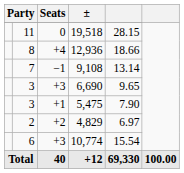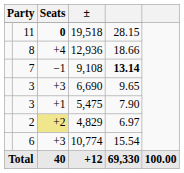 <table class=wikitable>
 <tr>
 <th colspan=2 align=center>Party</th>
 <th>Seats</th>
 <th>±</th>
 <th></th>
 <th></th>
 </tr>
 <tr>
 </tr>
 <tr>
 <td></td>
 <td align=right>11</td>
-<td align=right>0</td>
+<td align=right><strong>0</strong></td>
 <td align=right>19,518</td>
 <td align=right>28.15</td>
 </tr>
 <tr>
 <td></td>
 <td align=right>8</td>
 <td align=right>+4</td>
 <td align=right>12,936</td>
 <td align=right>18.66</td>
 </tr>
 <tr>
 <td></td>
 <td align=right>7</td>
 <td align=right>−1</td>
 <td align=right>9,108</td>
-<td align=right>13.14</td>
+<td align=right><strong>13.14</strong></td>
 </tr>
 <tr>
 <td></td>
 <td align=right>3</td>
 <td align=right>+3</td>
 <td align=right>6,690</td>
 <td align=right>9.65</td>
 </tr>
 <tr>
 <td></td>
 <td align=right>3</td>
 <td align=right>+1</td>
 <td align=right>5,475</td>
 <td align=right>7.90</td>
 </tr>
 <tr>
 <td></td>
 <td align=right>2</td>
-<td align=right>+2</td>
+<td align=right style="background: khaki;">+2</td>
 <td align=right>4,829</td>
 <td align=right>6.97</td>
 </tr>
 <tr>
 <td></td>
 <td align=right>6</td>
 <td align=right>+3</td>
 <td align=right>10,774</td>
 <td align=right>15.54</td>
 </tr>
 <tr style="font-weight:bold; background:rgb(232,232,232);">
 <td colspan=2 align=center>Total</td>
 <td align=right>40</td>
 <td align=right>+12</td>
 <td align=right>69,330</td>
 <td align=center>100.00</td>
 </tr>
 </table>
